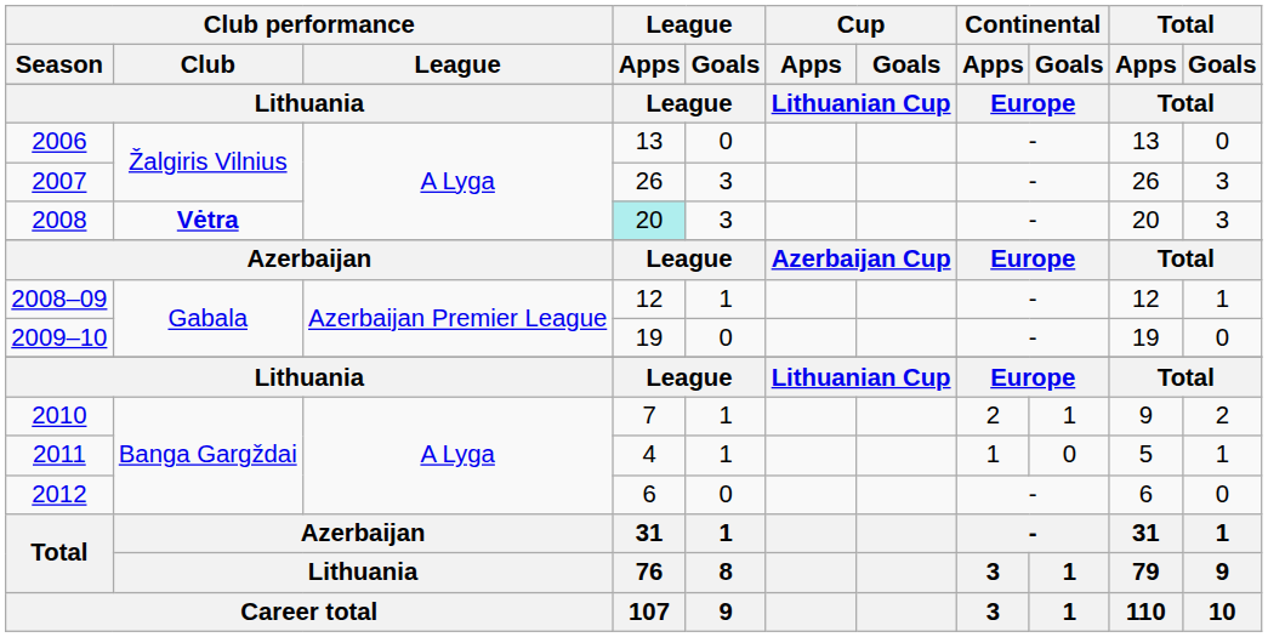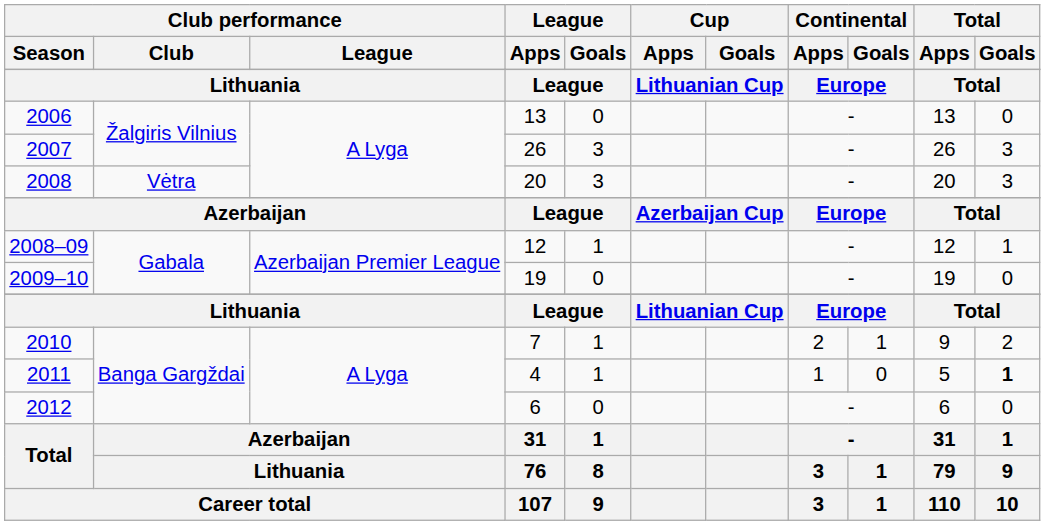 <table class="wikitable" style="text-align:center">
 <tr>
 <th colspan=3>Club performance</th>
 <th colspan=2>League</th>
 <th colspan=2>Cup</th>
 <th colspan=2>Continental</th>
 <th colspan=2>Total</th>
 </tr>
 <tr>
 <th>Season</th>
 <th>Club</th>
 <th>League</th>
 <th>Apps</th>
 <th>Goals</th>
 <th>Apps</th>
 <th>Goals</th>
 <th>Apps</th>
 <th>Goals</th>
 <th>Apps</th>
 <th>Goals</th>
 </tr>
 <tr>
 </tr>
 <tr>
 <th colspan=3>Lithuania</th>
 <th colspan=2>League</th>
 <th colspan=2><a href='#'>Lithuanian Cup</a></th>
 <th colspan=2><a href='#'>Europe</a></th>
 <th colspan=2>Total</th>
 </tr>
 <tr>
 <td><a href='#'>2006</a></td>
 <td rowspan="2"><a href='#'>Žalgiris Vilnius</a></td>
 <td rowspan="3"><a href='#'>A Lyga</a></td>
 <td>13</td>
 <td>0</td>
 <td></td>
 <td></td>
 <td colspan="2">-</td>
 <td>13</td>
 <td>0</td>
 </tr>
 <tr>
 <td><a href='#'>2007</a></td>
 <td>26</td>
 <td>3</td>
 <td></td>
 <td></td>
 <td colspan="2">-</td>
 <td>26</td>
 <td>3</td>
 </tr>
 <tr>
 <td><a href='#'>2008</a></td>
-<td><strong><a href='#'>Vėtra</a></strong></td>
-<td style="background: paleturquoise;">20</td>
+<td><a href='#'>Vėtra</a></td>
+<td>20</td>
 <td>3</td>
 <td></td>
 <td></td>
 <td colspan="2">-</td>
 <td>20</td>
 <td>3</td>
 </tr>
 <tr>
 </tr>
 <tr>
 <th colspan=3>Azerbaijan</th>
 <th colspan=2>League</th>
 <th colspan=2><a href='#'>Azerbaijan Cup</a></th>
 <th colspan=2><a href='#'>Europe</a></th>
 <th colspan=2>Total</th>
 </tr>
 <tr>
 <td><a href='#'>2008–09</a></td>
 <td rowspan="2"><a href='#'>Gabala</a></td>
 <td rowspan="2"><a href='#'>Azerbaijan Premier League</a></td>
 <td>12</td>
 <td>1</td>
 <td></td>
 <td></td>
 <td colspan="2">-</td>
 <td>12</td>
 <td>1</td>
 </tr>
 <tr>
 <td><a href='#'>2009–10</a></td>
 <td>19</td>
 <td>0</td>
 <td></td>
 <td></td>
 <td colspan="2">-</td>
 <td>19</td>
 <td>0</td>
 </tr>
 <tr>
 </tr>
 <tr>
 <th colspan=3>Lithuania</th>
 <th colspan=2>League</th>
 <th colspan=2><a href='#'>Lithuanian Cup</a></th>
 <th colspan=2><a href='#'>Europe</a></th>
 <th colspan=2>Total</th>
 </tr>
 <tr>
 <td><a href='#'>2010</a></td>
 <td rowspan="3"><a href='#'>Banga Gargždai</a></td>
 <td rowspan="3"><a href='#'>A Lyga</a></td>
 <td>7</td>
 <td>1</td>
 <td></td>
 <td></td>
 <td>2</td>
 <td>1</td>
 <td>9</td>
 <td>2</td>
 </tr>
 <tr>
 <td><a href='#'>2011</a></td>
 <td>4</td>
 <td>1</td>
 <td></td>
 <td></td>
 <td>1</td>
 <td>0</td>
 <td>5</td>
-<td>1</td>
+<td><strong>1</strong></td>
 </tr>
 <tr>
 <td><a href='#'>2012</a></td>
 <td>6</td>
 <td>0</td>
 <td></td>
 <td></td>
 <td colspan="2">-</td>
 <td>6</td>
 <td>0</td>
 </tr>
 <tr>
 <th rowspan=2>Total</th>
 <th colspan=2>Azerbaijan</th>
 <th>31</th>
 <th>1</th>
 <th></th>
 <th></th>
 <th colspan="2">-</th>
 <th>31</th>
 <th>1</th>
 </tr>
 <tr>
 <th colspan=2>Lithuania</th>
 <th>76</th>
 <th>8</th>
 <th></th>
 <th></th>
 <th>3</th>
 <th>1</th>
 <th>79</th>
 <th>9</th>
 </tr>
 <tr>
 <th colspan=3>Career total</th>
 <th>107</th>
 <th>9</th>
 <th></th>
 <th></th>
 <th>3</th>
 <th>1</th>
 <th>110</th>
 <th>10</th>
 </tr>
 </table>
